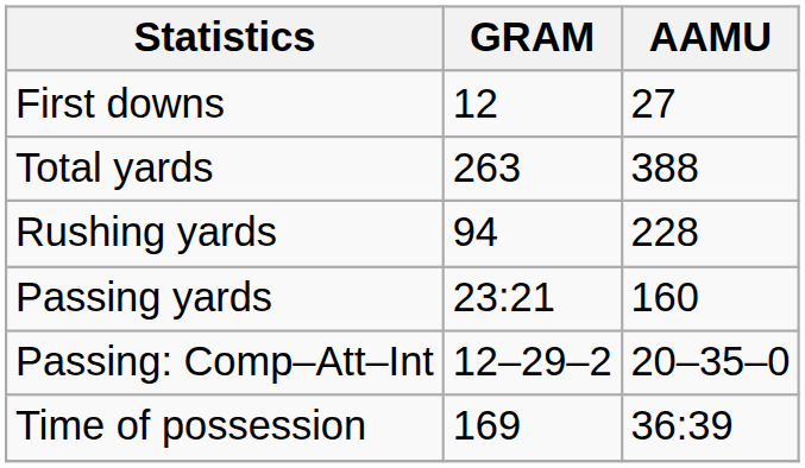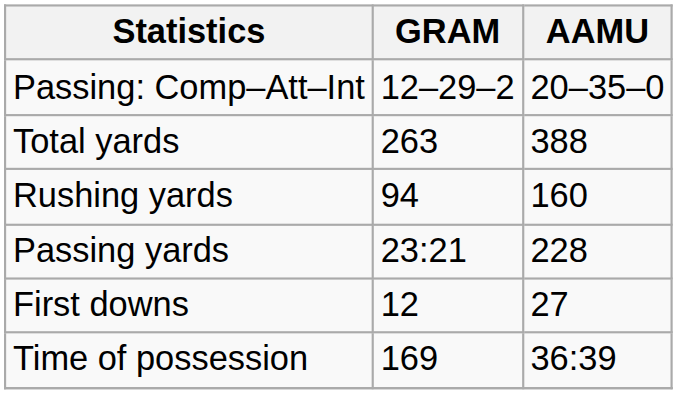 <table class="wikitable" style="float: left;">
 <tr>
 <th>Statistics</th>
 <th>GRAM</th>
 <th>AAMU</th>
 </tr>
 <tr>
-<td>First downs</td>
-<td>12</td>
-<td>27</td>
+<td>Passing: Comp–Att–Int</td>
+<td>12–29–2</td>
+<td>20–35–0</td>
 </tr>
 <tr>
 <td>Total yards</td>
 <td>263</td>
 <td>388</td>
 </tr>
 <tr>
 <td>Rushing yards</td>
 <td>94</td>
-<td>228</td>
+<td>160</td>
 </tr>
 <tr>
 <td>Passing yards</td>
 <td>23:21</td>
-<td>160</td>
+<td>228</td>
 </tr>
 <tr>
-<td>Passing: Comp–Att–Int</td>
-<td>12–29–2</td>
-<td>20–35–0</td>
+<td>First downs</td>
+<td>12</td>
+<td>27</td>
 </tr>
 <tr>
 <td>Time of possession</td>
 <td>169</td>
 <td>36:39</td>
 </tr>
 <tr>
 </tr>
 </table>
